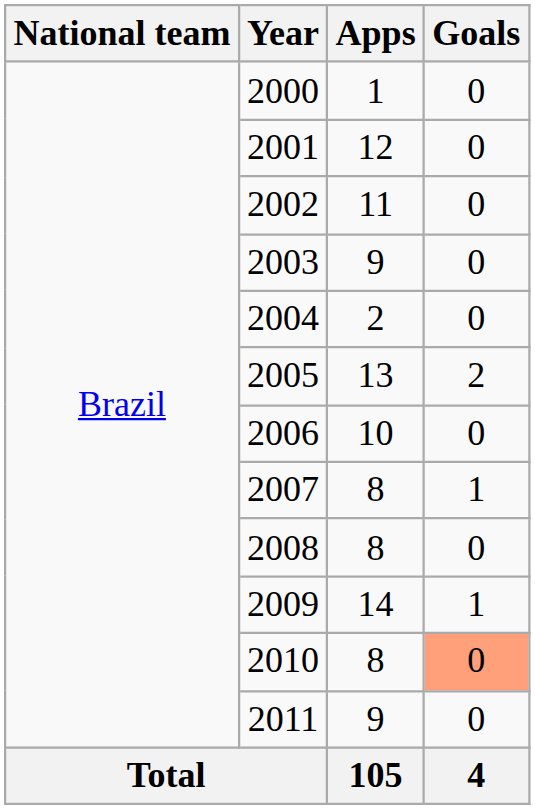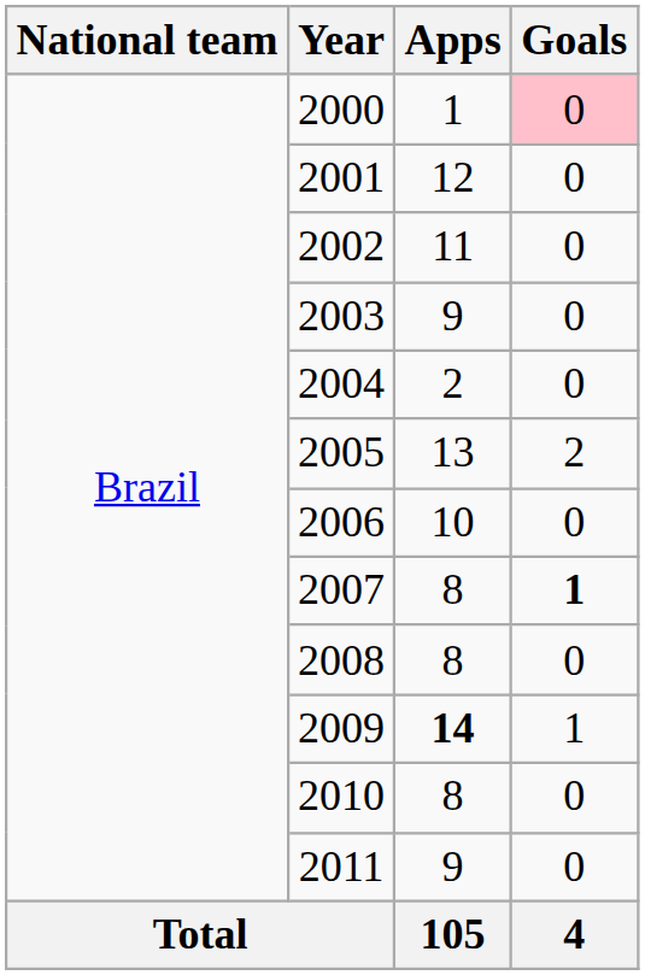 <table class="wikitable" style="text-align:center">
 <tr>
 <th>National team</th>
 <th>Year</th>
 <th>Apps</th>
 <th>Goals</th>
 </tr>
 <tr>
 <td rowspan="12"><a href='#'>Brazil</a></td>
 <td>2000</td>
 <td>1</td>
-<td>0</td>
+<td style="background: pink;">0</td>
 </tr>
 <tr>
 <td>2001</td>
 <td>12</td>
 <td>0</td>
 </tr>
 <tr>
 <td>2002</td>
 <td>11</td>
 <td>0</td>
 </tr>
 <tr>
 <td>2003</td>
 <td>9</td>
 <td>0</td>
 </tr>
 <tr>
 <td>2004</td>
 <td>2</td>
 <td>0</td>
 </tr>
 <tr>
 <td>2005</td>
 <td>13</td>
 <td>2</td>
 </tr>
 <tr>
 <td>2006</td>
 <td>10</td>
 <td>0</td>
 </tr>
 <tr>
 <td>2007</td>
 <td>8</td>
-<td>1</td>
+<td><strong>1</strong></td>
 </tr>
 <tr>
 <td>2008</td>
 <td>8</td>
 <td>0</td>
 </tr>
 <tr>
 <td>2009</td>
-<td>14</td>
+<td><strong>14</strong></td>
 <td>1</td>
 </tr>
 <tr>
 <td>2010</td>
 <td>8</td>
-<td style="background: lightsalmon;">0</td>
+<td>0</td>
 </tr>
 <tr>
 <td>2011</td>
 <td>9</td>
 <td>0</td>
 </tr>
 <tr>
 <th colspan="2">Total</th>
 <th>105</th>
 <th>4</th>
 </tr>
 </table>
